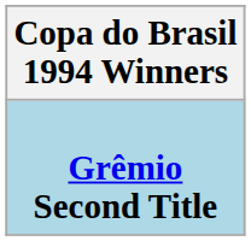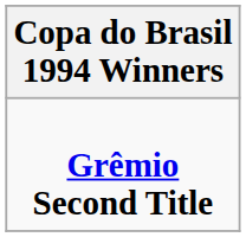 <table class="wikitable" style="text-align: center; margin: 0 auto;">
 <tr>
 <th>Copa do Brasil<br>1994 Winners</th>
 </tr>
 <tr>
-<td style="background: lightblue;"><br><strong><a href='#'>Grêmio</a></strong><br><strong>Second Title</strong></td>
+<td><br><strong><a href='#'>Grêmio</a></strong><br><strong>Second Title</strong></td>
 </tr>
 </table>
